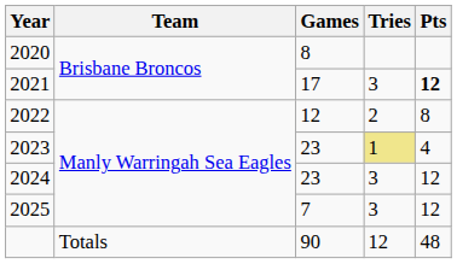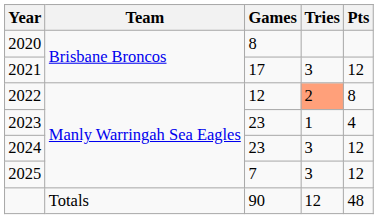 <table class="wikitable">
 <tr>
 <th>Year</th>
 <th>Team</th>
 <th>Games</th>
 <th>Tries</th>
 <th>Pts</th>
 </tr>
 <tr>
 <td>2020</td>
 <td rowspan="2"> <a href='#'>Brisbane Broncos</a></td>
 <td>8</td>
 <td></td>
 <td></td>
 </tr>
 <tr>
 <td>2021</td>
 <td>17</td>
 <td>3</td>
-<td><strong>12</strong></td>
+<td>12</td>
 </tr>
 <tr>
 <td>2022</td>
 <td rowspan="4"> <a href='#'>Manly Warringah Sea Eagles</a></td>
 <td>12</td>
-<td>2</td>
+<td style="background: lightsalmon;">2</td>
 <td>8</td>
 </tr>
 <tr>
 <td>2023</td>
 <td>23</td>
-<td style="background: khaki;">1</td>
+<td>1</td>
 <td>4</td>
 </tr>
 <tr>
 <td>2024</td>
 <td>23</td>
 <td>3</td>
 <td>12</td>
 </tr>
 <tr>
 <td>2025</td>
 <td>7</td>
 <td>3</td>
 <td>12</td>
 </tr>
 <tr>
 <td></td>
 <td>Totals</td>
 <td>90</td>
 <td>12</td>
 <td>48</td>
 </tr>
 </table>
